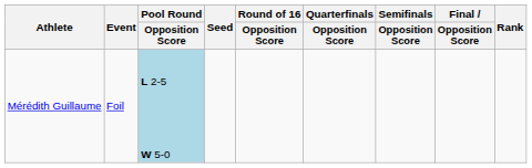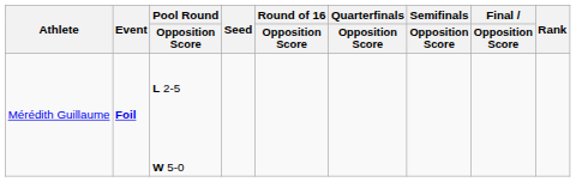 <table class=wikitable style="font-size:90%">
 <tr>
 <th rowspan="2">Athlete</th>
 <th rowspan="2">Event</th>
 <th>Pool Round</th>
 <th rowspan="2">Seed</th>
 <th>Round of 16</th>
 <th>Quarterfinals</th>
 <th>Semifinals</th>
 <th>Final / </th>
 <th rowspan=2>Rank</th>
 </tr>
 <tr style="font-size:95%">
 <th>Opposition<br>Score</th>
 <th>Opposition<br>Score</th>
 <th>Opposition<br>Score</th>
 <th>Opposition<br>Score</th>
 <th>Opposition<br>Score</th>
 </tr>
 <tr align=center>
 <td align=left><a href='#'>Mérédith Guillaume</a></td>
-<td align=left><a href='#'>Foil</a></td>
-<td align=left style="background: lightblue;"><br><br><strong>L</strong> 2-5<br><br><br><br><br><br><strong>W</strong> 5-0</td>
+<td align=left><strong><a href='#'>Foil</a></strong></td>
+<td align=left><br><br><strong>L</strong> 2-5<br><br><br><br><br><br><strong>W</strong> 5-0</td>
 <td></td>
 <td></td>
 <td></td>
 <td></td>
 <td></td>
 <td></td>
 </tr>
 </table>
